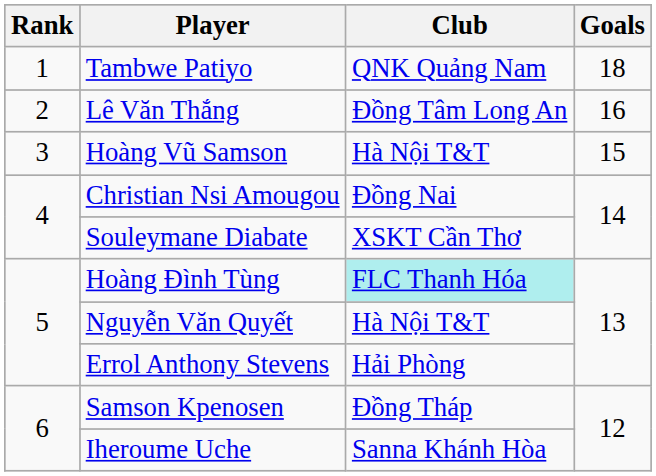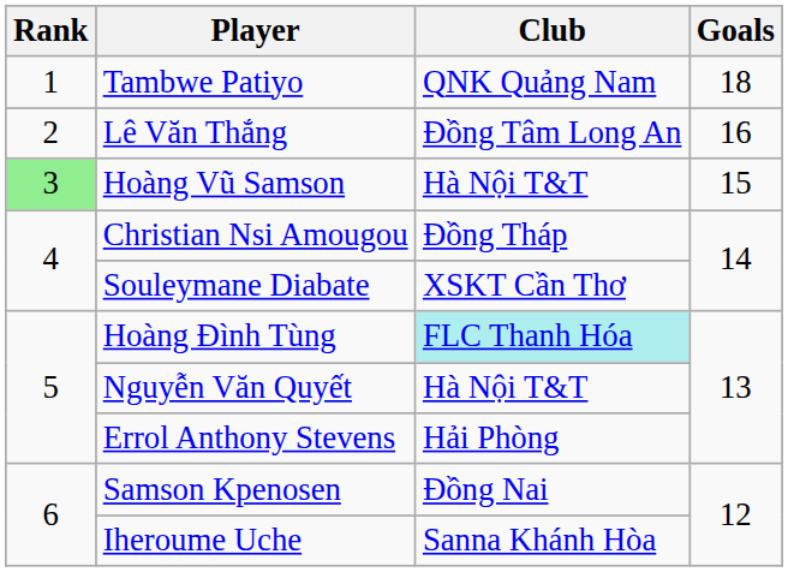 <table class="wikitable" style="text-align:center;">
 <tr>
 <th>Rank</th>
 <th>Player</th>
 <th>Club</th>
 <th>Goals</th>
 </tr>
 <tr>
 <td>1</td>
 <td align="left"> <a href='#'>Tambwe Patiyo</a></td>
 <td align="left"><a href='#'>QNK Quảng Nam</a></td>
 <td>18</td>
 </tr>
 <tr>
 <td>2</td>
 <td align="left"> <a href='#'>Lê Văn Thắng</a></td>
 <td align="left"><a href='#'>Đồng Tâm Long An</a></td>
 <td>16</td>
 </tr>
 <tr>
-<td>3</td>
+<td style="background: lightgreen;">3</td>
 <td align="left"> <a href='#'>Hoàng Vũ Samson</a></td>
 <td align="left"><a href='#'>Hà Nội T&T</a></td>
 <td>15</td>
 </tr>
 <tr>
 <td rowspan=2>4</td>
 <td align="left"> <a href='#'>Christian Nsi Amougou</a></td>
-<td align="left"><a href='#'>Đồng Nai</a></td>
+<td align="left"><a href='#'>Đồng Tháp</a></td>
 <td rowspan=2>14</td>
 </tr>
 <tr>
 <td align="left"> <a href='#'>Souleymane Diabate</a></td>
 <td align="left"><a href='#'>XSKT Cần Thơ</a></td>
 </tr>
 <tr>
 <td rowspan=3>5</td>
 <td align="left"> <a href='#'>Hoàng Đình Tùng</a></td>
 <td align="left" style="background: paleturquoise;"><a href='#'>FLC Thanh Hóa</a></td>
 <td rowspan=3>13</td>
 </tr>
 <tr>
 <td align="left"> <a href='#'>Nguyễn Văn Quyết</a></td>
 <td align="left"><a href='#'>Hà Nội T&T</a></td>
 </tr>
 <tr>
 <td align="left"> <a href='#'>Errol Anthony Stevens</a></td>
 <td align="left"><a href='#'>Hải Phòng</a></td>
 </tr>
 <tr>
 <td rowspan=2>6</td>
 <td align="left"> <a href='#'>Samson Kpenosen</a></td>
-<td align="left"><a href='#'>Đồng Tháp</a></td>
+<td align="left"><a href='#'>Đồng Nai</a></td>
 <td rowspan=2>12</td>
 </tr>
 <tr>
 <td align="left"> <a href='#'>Iheroume Uche</a></td>
 <td align="left"><a href='#'>Sanna Khánh Hòa</a></td>
 </tr>
 </table>
